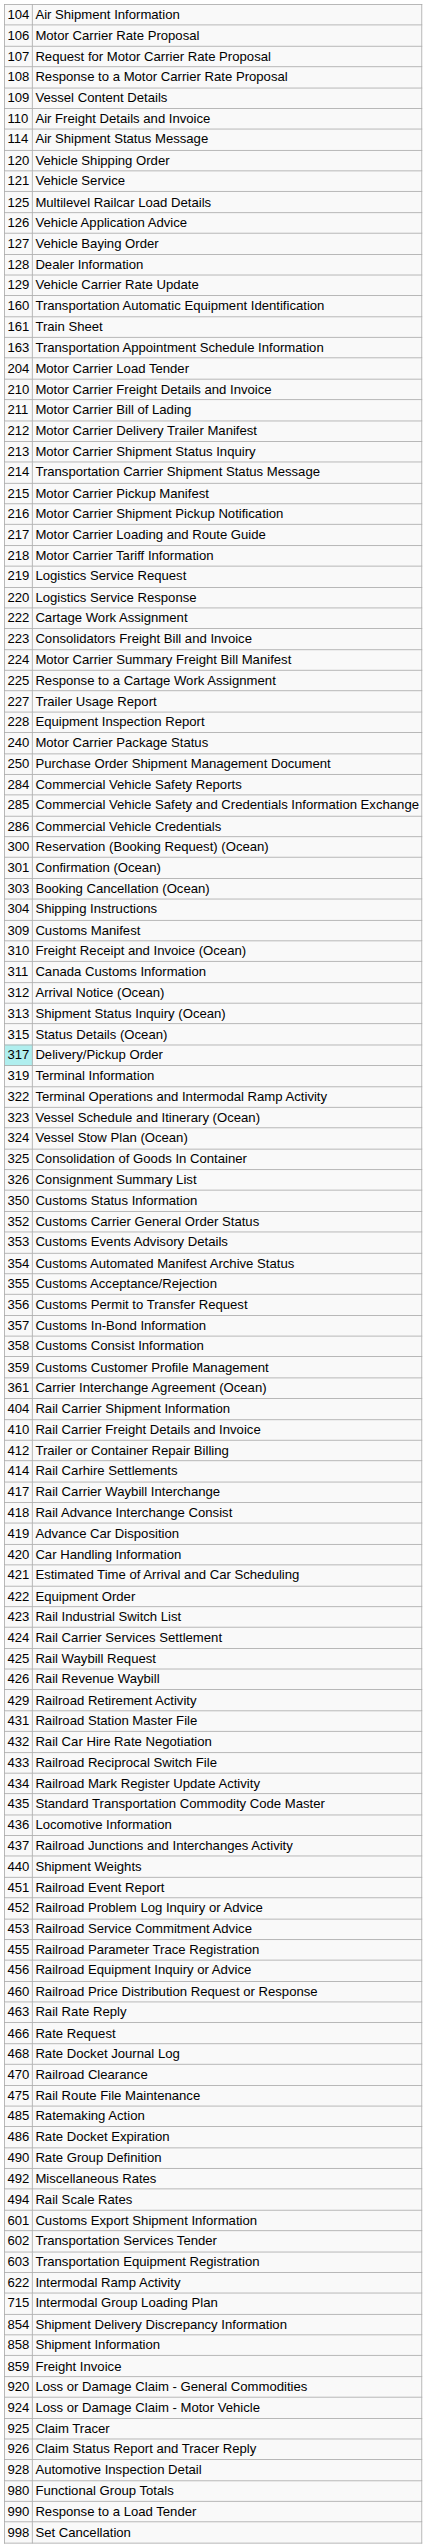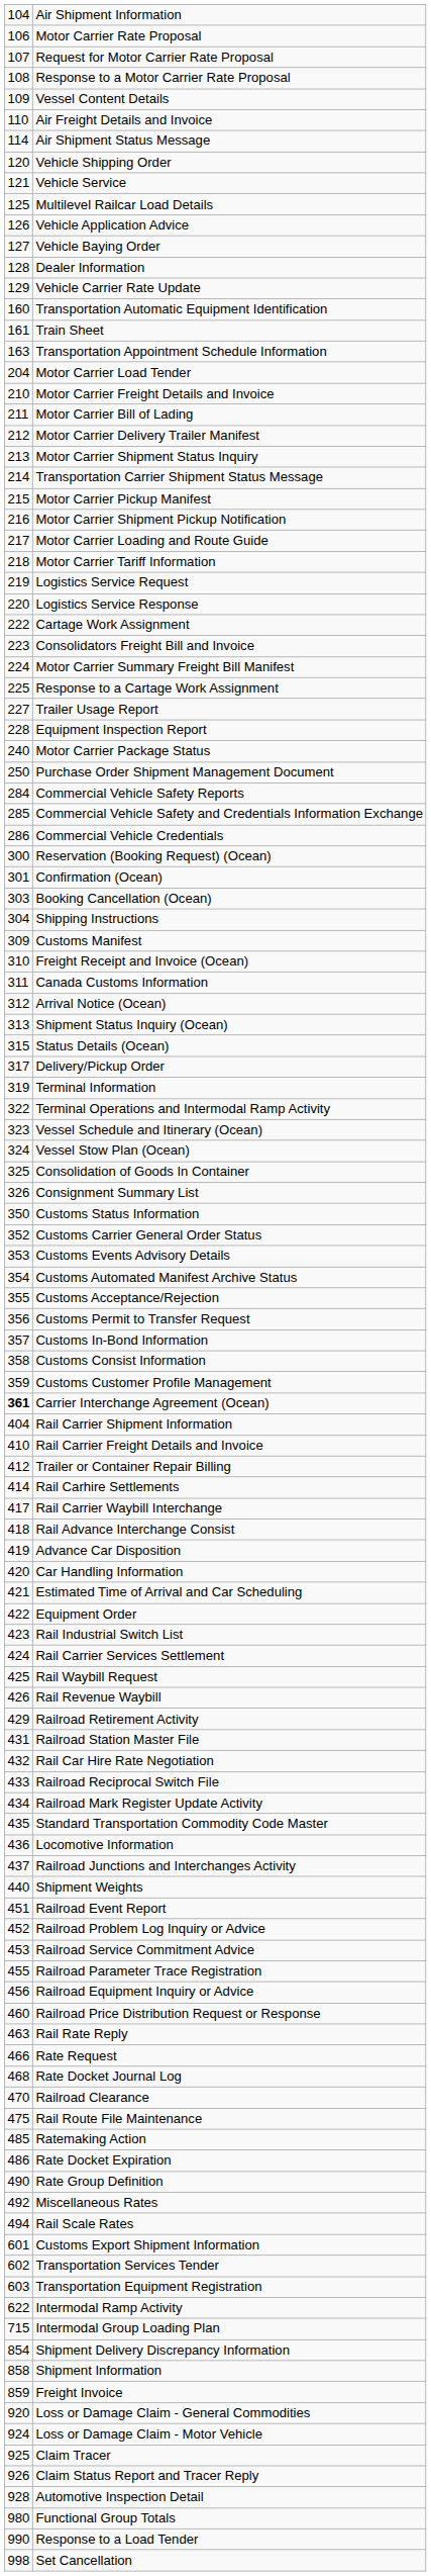 <table class="wikitable">
 <tr>
 <td>104</td>
 <td>Air Shipment Information</td>
 </tr>
 <tr>
 <td>106</td>
 <td>Motor Carrier Rate Proposal</td>
 </tr>
 <tr>
 <td>107</td>
 <td>Request for Motor Carrier Rate Proposal</td>
 </tr>
 <tr>
 <td>108</td>
 <td>Response to a Motor Carrier Rate Proposal</td>
 </tr>
 <tr>
 <td>109</td>
 <td>Vessel Content Details</td>
 </tr>
 <tr>
 <td>110</td>
 <td>Air Freight Details and Invoice</td>
 </tr>
 <tr>
 <td>114</td>
 <td>Air Shipment Status Message</td>
 </tr>
 <tr>
 <td>120</td>
 <td>Vehicle Shipping Order</td>
 </tr>
 <tr>
 <td>121</td>
 <td>Vehicle Service</td>
 </tr>
 <tr>
 <td>125</td>
 <td>Multilevel Railcar Load Details</td>
 </tr>
 <tr>
 <td>126</td>
 <td>Vehicle Application Advice</td>
 </tr>
 <tr>
 <td>127</td>
 <td>Vehicle Baying Order</td>
 </tr>
 <tr>
 <td>128</td>
 <td>Dealer Information</td>
 </tr>
 <tr>
 <td>129</td>
 <td>Vehicle Carrier Rate Update</td>
 </tr>
 <tr>
 <td>160</td>
 <td>Transportation Automatic Equipment Identification</td>
 </tr>
 <tr>
 <td>161</td>
 <td>Train Sheet</td>
 </tr>
 <tr>
 <td>163</td>
 <td>Transportation Appointment Schedule Information</td>
 </tr>
 <tr>
 <td>204</td>
 <td>Motor Carrier Load Tender</td>
 </tr>
 <tr>
 <td>210</td>
 <td>Motor Carrier Freight Details and Invoice</td>
 </tr>
 <tr>
 <td>211</td>
 <td>Motor Carrier Bill of Lading</td>
 </tr>
 <tr>
 <td>212</td>
 <td>Motor Carrier Delivery Trailer Manifest</td>
 </tr>
 <tr>
 <td>213</td>
 <td>Motor Carrier Shipment Status Inquiry</td>
 </tr>
 <tr>
 <td>214</td>
 <td>Transportation Carrier Shipment Status Message</td>
 </tr>
 <tr>
 <td>215</td>
 <td>Motor Carrier Pickup Manifest</td>
 </tr>
 <tr>
 <td>216</td>
 <td>Motor Carrier Shipment Pickup Notification</td>
 </tr>
 <tr>
 <td>217</td>
 <td>Motor Carrier Loading and Route Guide</td>
 </tr>
 <tr>
 <td>218</td>
 <td>Motor Carrier Tariff Information</td>
 </tr>
 <tr>
 <td>219</td>
 <td>Logistics Service Request</td>
 </tr>
 <tr>
 <td>220</td>
 <td>Logistics Service Response</td>
 </tr>
 <tr>
 <td>222</td>
 <td>Cartage Work Assignment</td>
 </tr>
 <tr>
 <td>223</td>
 <td>Consolidators Freight Bill and Invoice</td>
 </tr>
 <tr>
 <td>224</td>
 <td>Motor Carrier Summary Freight Bill Manifest</td>
 </tr>
 <tr>
 <td>225</td>
 <td>Response to a Cartage Work Assignment</td>
 </tr>
 <tr>
 <td>227</td>
 <td>Trailer Usage Report</td>
 </tr>
 <tr>
 <td>228</td>
 <td>Equipment Inspection Report</td>
 </tr>
 <tr>
 <td>240</td>
 <td>Motor Carrier Package Status</td>
 </tr>
 <tr>
 <td>250</td>
 <td>Purchase Order Shipment Management Document</td>
 </tr>
 <tr>
 <td>284</td>
 <td>Commercial Vehicle Safety Reports</td>
 </tr>
 <tr>
 <td>285</td>
 <td>Commercial Vehicle Safety and Credentials Information Exchange</td>
 </tr>
 <tr>
 <td>286</td>
 <td>Commercial Vehicle Credentials</td>
 </tr>
 <tr>
 <td>300</td>
 <td>Reservation (Booking Request) (Ocean)</td>
 </tr>
 <tr>
 <td>301</td>
 <td>Confirmation (Ocean)</td>
 </tr>
 <tr>
 <td>303</td>
 <td>Booking Cancellation (Ocean)</td>
 </tr>
 <tr>
 <td>304</td>
 <td>Shipping Instructions</td>
 </tr>
 <tr>
 <td>309</td>
 <td>Customs Manifest</td>
 </tr>
 <tr>
 <td>310</td>
 <td>Freight Receipt and Invoice (Ocean)</td>
 </tr>
 <tr>
 <td>311</td>
 <td>Canada Customs Information</td>
 </tr>
 <tr>
 <td>312</td>
 <td>Arrival Notice (Ocean)</td>
 </tr>
 <tr>
 <td>313</td>
 <td>Shipment Status Inquiry (Ocean)</td>
 </tr>
 <tr>
 <td>315</td>
 <td>Status Details (Ocean)</td>
 </tr>
 <tr>
-<td style="background: paleturquoise;">317</td>
+<td>317</td>
 <td>Delivery/Pickup Order</td>
 </tr>
 <tr>
 <td>319</td>
 <td>Terminal Information</td>
 </tr>
 <tr>
 <td>322</td>
 <td>Terminal Operations and Intermodal Ramp Activity</td>
 </tr>
 <tr>
 <td>323</td>
 <td>Vessel Schedule and Itinerary (Ocean)</td>
 </tr>
 <tr>
 <td>324</td>
 <td>Vessel Stow Plan (Ocean)</td>
 </tr>
 <tr>
 <td>325</td>
 <td>Consolidation of Goods In Container</td>
 </tr>
 <tr>
 <td>326</td>
 <td>Consignment Summary List</td>
 </tr>
 <tr>
 <td>350</td>
 <td>Customs Status Information</td>
 </tr>
 <tr>
 <td>352</td>
 <td>Customs Carrier General Order Status</td>
 </tr>
 <tr>
 <td>353</td>
 <td>Customs Events Advisory Details</td>
 </tr>
 <tr>
 <td>354</td>
 <td>Customs Automated Manifest Archive Status</td>
 </tr>
 <tr>
 <td>355</td>
 <td>Customs Acceptance/Rejection</td>
 </tr>
 <tr>
 <td>356</td>
 <td>Customs Permit to Transfer Request</td>
 </tr>
 <tr>
 <td>357</td>
 <td>Customs In-Bond Information</td>
 </tr>
 <tr>
 <td>358</td>
 <td>Customs Consist Information</td>
 </tr>
 <tr>
 <td>359</td>
 <td>Customs Customer Profile Management</td>
 </tr>
 <tr>
-<td>361</td>
+<td><strong>361</strong></td>
 <td>Carrier Interchange Agreement (Ocean)</td>
 </tr>
 <tr>
 <td>404</td>
 <td>Rail Carrier Shipment Information</td>
 </tr>
 <tr>
 <td>410</td>
 <td>Rail Carrier Freight Details and Invoice</td>
 </tr>
 <tr>
 <td>412</td>
 <td>Trailer or Container Repair Billing</td>
 </tr>
 <tr>
 <td>414</td>
 <td>Rail Carhire Settlements</td>
 </tr>
 <tr>
 <td>417</td>
 <td>Rail Carrier Waybill Interchange</td>
 </tr>
 <tr>
 <td>418</td>
 <td>Rail Advance Interchange Consist</td>
 </tr>
 <tr>
 <td>419</td>
 <td>Advance Car Disposition</td>
 </tr>
 <tr>
 <td>420</td>
 <td>Car Handling Information</td>
 </tr>
 <tr>
 <td>421</td>
 <td>Estimated Time of Arrival and Car Scheduling</td>
 </tr>
 <tr>
 <td>422</td>
 <td>Equipment Order</td>
 </tr>
 <tr>
 <td>423</td>
 <td>Rail Industrial Switch List</td>
 </tr>
 <tr>
 <td>424</td>
 <td>Rail Carrier Services Settlement</td>
 </tr>
 <tr>
 <td>425</td>
 <td>Rail Waybill Request</td>
 </tr>
 <tr>
 <td>426</td>
 <td>Rail Revenue Waybill</td>
 </tr>
 <tr>
 <td>429</td>
 <td>Railroad Retirement Activity</td>
 </tr>
 <tr>
 <td>431</td>
 <td>Railroad Station Master File</td>
 </tr>
 <tr>
 <td>432</td>
 <td>Rail Car Hire Rate Negotiation</td>
 </tr>
 <tr>
 <td>433</td>
 <td>Railroad Reciprocal Switch File</td>
 </tr>
 <tr>
 <td>434</td>
 <td>Railroad Mark Register Update Activity</td>
 </tr>
 <tr>
 <td>435</td>
 <td>Standard Transportation Commodity Code Master</td>
 </tr>
 <tr>
 <td>436</td>
 <td>Locomotive Information</td>
 </tr>
 <tr>
 <td>437</td>
 <td>Railroad Junctions and Interchanges Activity</td>
 </tr>
 <tr>
 <td>440</td>
 <td>Shipment Weights</td>
 </tr>
 <tr>
 <td>451</td>
 <td>Railroad Event Report</td>
 </tr>
 <tr>
 <td>452</td>
 <td>Railroad Problem Log Inquiry or Advice</td>
 </tr>
 <tr>
 <td>453</td>
 <td>Railroad Service Commitment Advice</td>
 </tr>
 <tr>
 <td>455</td>
 <td>Railroad Parameter Trace Registration</td>
 </tr>
 <tr>
 <td>456</td>
 <td>Railroad Equipment Inquiry or Advice</td>
 </tr>
 <tr>
 <td>460</td>
 <td>Railroad Price Distribution Request or Response</td>
 </tr>
 <tr>
 <td>463</td>
 <td>Rail Rate Reply</td>
 </tr>
 <tr>
 <td>466</td>
 <td>Rate Request</td>
 </tr>
 <tr>
 <td>468</td>
 <td>Rate Docket Journal Log</td>
 </tr>
 <tr>
 <td>470</td>
 <td>Railroad Clearance</td>
 </tr>
 <tr>
 <td>475</td>
 <td>Rail Route File Maintenance</td>
 </tr>
 <tr>
 <td>485</td>
 <td>Ratemaking Action</td>
 </tr>
 <tr>
 <td>486</td>
 <td>Rate Docket Expiration</td>
 </tr>
 <tr>
 <td>490</td>
 <td>Rate Group Definition</td>
 </tr>
 <tr>
 <td>492</td>
 <td>Miscellaneous Rates</td>
 </tr>
 <tr>
 <td>494</td>
 <td>Rail Scale Rates</td>
 </tr>
 <tr>
 <td>601</td>
 <td>Customs Export Shipment Information</td>
 </tr>
 <tr>
 <td>602</td>
 <td>Transportation Services Tender</td>
 </tr>
 <tr>
 <td>603</td>
 <td>Transportation Equipment Registration</td>
 </tr>
 <tr>
 <td>622</td>
 <td>Intermodal Ramp Activity</td>
 </tr>
 <tr>
 <td>715</td>
 <td>Intermodal Group Loading Plan</td>
 </tr>
 <tr>
 <td>854</td>
 <td>Shipment Delivery Discrepancy Information</td>
 </tr>
 <tr>
 <td>858</td>
 <td>Shipment Information</td>
 </tr>
 <tr>
 <td>859</td>
 <td>Freight Invoice</td>
 </tr>
 <tr>
 <td>920</td>
 <td>Loss or Damage Claim - General Commodities</td>
 </tr>
 <tr>
 <td>924</td>
 <td>Loss or Damage Claim - Motor Vehicle</td>
 </tr>
 <tr>
 <td>925</td>
 <td>Claim Tracer</td>
 </tr>
 <tr>
 <td>926</td>
 <td>Claim Status Report and Tracer Reply</td>
 </tr>
 <tr>
 <td>928</td>
 <td>Automotive Inspection Detail</td>
 </tr>
 <tr>
 <td>980</td>
 <td>Functional Group Totals</td>
 </tr>
 <tr>
 <td>990</td>
 <td>Response to a Load Tender</td>
 </tr>
 <tr>
 <td>998</td>
 <td>Set Cancellation</td>
 </tr>
 </table>
